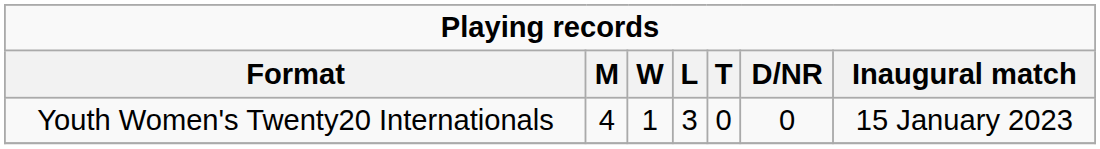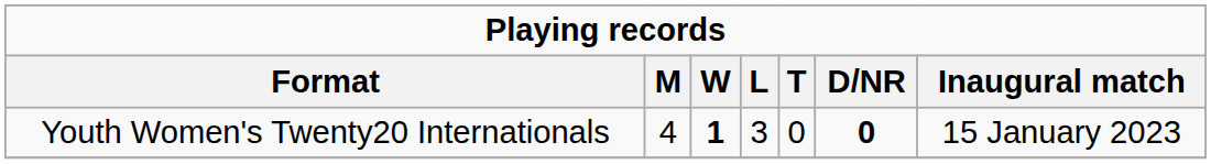 <table class="wikitable" style="text-align: center; width: 600px">
 <tr>
 <td colspan=7 align="center"><strong>Playing records</strong></td>
 </tr>
 <tr>
 <th>Format</th>
 <th>M</th>
 <th>W</th>
 <th>L</th>
 <th>T</th>
 <th>D/NR</th>
 <th>Inaugural match</th>
 </tr>
 <tr>
 <td>Youth Women's Twenty20 Internationals</td>
 <td>4</td>
-<td>1</td>
+<td><strong>1</strong></td>
 <td>3</td>
 <td>0</td>
-<td>0</td>
+<td><strong>0</strong></td>
 <td>15 January 2023</td>
 </tr>
 <tr>
 </tr>
 </table>
